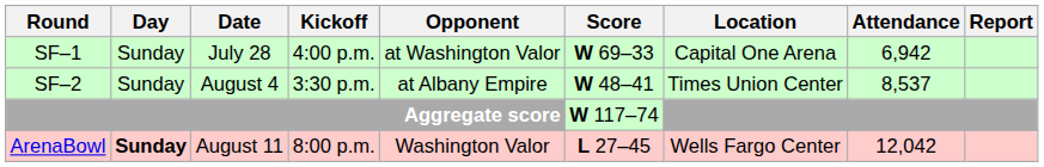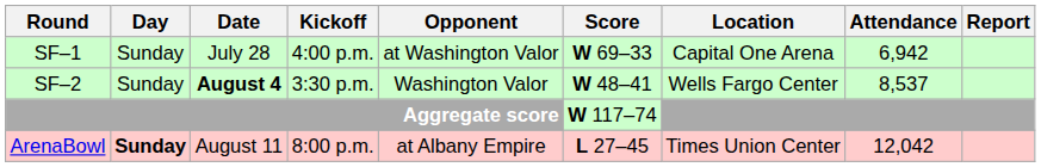 <table class="wikitable" style="text-align:center; font-size: 95%;">
 <tr>
 <th>Round</th>
 <th>Day</th>
 <th>Date</th>
 <th>Kickoff</th>
 <th>Opponent</th>
 <th>Score</th>
 <th>Location</th>
 <th>Attendance</th>
 <th>Report</th>
 </tr>
 <tr bgcolor=#ccffcc>
 <td>SF–1</td>
 <td>Sunday</td>
 <td>July 28</td>
 <td>4:00 p.m.</td>
 <td>at Washington Valor</td>
 <td><strong>W</strong> 69–33</td>
 <td>Capital One Arena</td>
 <td>6,942</td>
 <td></td>
 </tr>
 <tr bgcolor=#ccffcc>
 <td>SF–2</td>
 <td>Sunday</td>
-<td>August 4</td>
+<td><strong>August 4</strong></td>
 <td>3:30 p.m.</td>
-<td>at Albany Empire</td>
+<td>Washington Valor</td>
 <td><strong>W</strong> 48–41</td>
-<td>Times Union Center</td>
+<td>Wells Fargo Center</td>
 <td>8,537</td>
 <td></td>
 </tr>
 <tr>
 <td colspan=5 style="color:white; background:#aaaaaa; text-align:right"><strong>Aggregate score</strong></td>
 <td style="background:#ccffcc"><strong>W</strong> 117–74</td>
 <td colspan=3 style="background:#aaaaaa; color:white"></td>
 </tr>
 <tr bgcolor=#ffcccc>
 <td><a href='#'>ArenaBowl</a></td>
 <td><strong>Sunday</strong></td>
 <td>August 11</td>
 <td>8:00 p.m.</td>
-<td>Washington Valor</td>
+<td>at Albany Empire</td>
 <td><strong>L</strong> 27–45</td>
-<td>Wells Fargo Center</td>
+<td>Times Union Center</td>
 <td>12,042</td>
 <td></td>
 </tr>
 </table>
